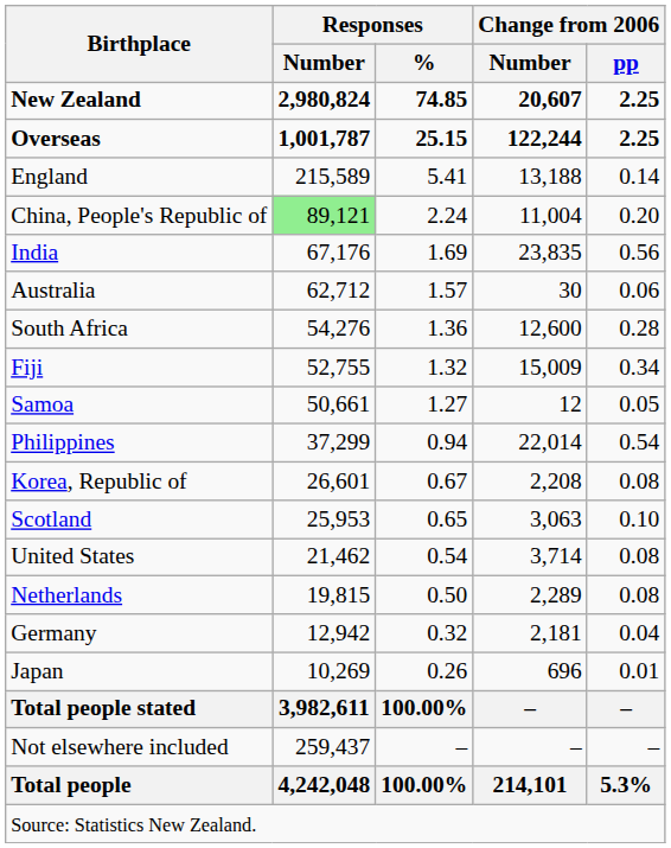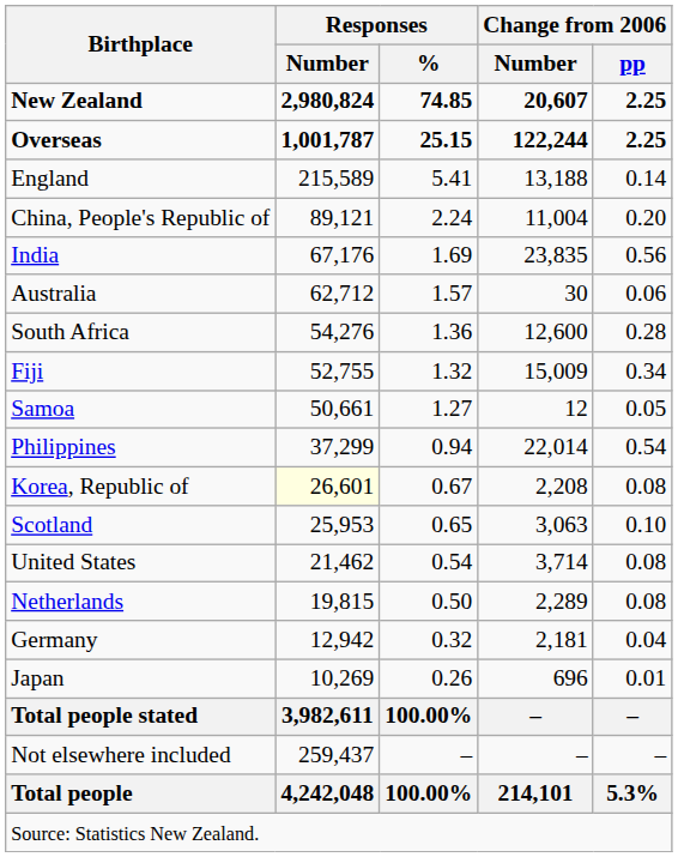 <table class="wikitable" style="text-align:right;font-size:90%;">
 <tr>
 <th rowspan=2>Birthplace</th>
 <th colspan=2>Responses</th>
 <th colspan=2>Change from 2006</th>
 </tr>
 <tr>
 <th>Number</th>
 <th>%</th>
 <th>Number</th>
 <th><a href='#'>pp</a></th>
 </tr>
 <tr>
 <td style="text-align:left;"><strong>New Zealand</strong></td>
 <td><strong>2,980,824</strong></td>
 <td><strong>74.85</strong></td>
 <td><strong> 20,607</strong></td>
 <td><strong> 2.25</strong></td>
 </tr>
 <tr>
 <td style="text-align:left;"><strong>Overseas</strong></td>
 <td><strong>1,001,787</strong></td>
 <td><strong>25.15</strong></td>
 <td><strong> 122,244</strong></td>
 <td><strong>  2.25</strong></td>
 </tr>
 <tr>
 <td style="text-align:left;">England</td>
 <td>215,589</td>
 <td>5.41</td>
 <td> 13,188</td>
 <td> 0.14</td>
 </tr>
 <tr>
 <td style="text-align:left;">China, People's Republic of</td>
-<td style="background: lightgreen;">89,121</td>
+<td>89,121</td>
 <td>2.24</td>
 <td> 11,004</td>
 <td> 0.20</td>
 </tr>
 <tr>
 <td style="text-align:left;"><a href='#'>India</a></td>
 <td>67,176</td>
 <td>1.69</td>
 <td> 23,835</td>
 <td> 0.56</td>
 </tr>
 <tr>
 <td style="text-align:left;">Australia</td>
 <td>62,712</td>
 <td>1.57</td>
 <td> 30</td>
 <td> 0.06</td>
 </tr>
 <tr>
 <td style="text-align:left;">South Africa</td>
 <td>54,276</td>
 <td>1.36</td>
 <td> 12,600</td>
 <td> 0.28</td>
 </tr>
 <tr>
 <td style="text-align:left;"><a href='#'>Fiji</a></td>
 <td>52,755</td>
 <td>1.32</td>
 <td> 15,009</td>
 <td> 0.34</td>
 </tr>
 <tr>
 <td style="text-align:left;"><a href='#'>Samoa</a></td>
 <td>50,661</td>
 <td>1.27</td>
 <td> 12</td>
 <td> 0.05</td>
 </tr>
 <tr>
 <td style="text-align:left;"><a href='#'>Philippines</a></td>
 <td>37,299</td>
 <td>0.94</td>
 <td> 22,014</td>
 <td> 0.54</td>
 </tr>
 <tr>
 <td style="text-align:left;"><a href='#'>Korea</a>, Republic of</td>
-<td>26,601</td>
+<td style="background: lightyellow;">26,601</td>
 <td>0.67</td>
 <td> 2,208</td>
 <td> 0.08</td>
 </tr>
 <tr>
 <td style="text-align:left;"><a href='#'>Scotland</a></td>
 <td>25,953</td>
 <td>0.65</td>
 <td> 3,063</td>
 <td> 0.10</td>
 </tr>
 <tr>
 <td style="text-align:left;">United States</td>
 <td>21,462</td>
 <td>0.54</td>
 <td> 3,714</td>
 <td> 0.08</td>
 </tr>
 <tr>
 <td style="text-align:left;"><a href='#'>Netherlands</a></td>
 <td>19,815</td>
 <td>0.50</td>
 <td> 2,289</td>
 <td> 0.08</td>
 </tr>
 <tr>
 <td style="text-align:left;">Germany</td>
 <td>12,942</td>
 <td>0.32</td>
 <td> 2,181</td>
 <td> 0.04</td>
 </tr>
 <tr>
 <td style="text-align:left;">Japan</td>
 <td>10,269</td>
 <td>0.26</td>
 <td> 696</td>
 <td> 0.01</td>
 </tr>
 <tr>
 <th style="text-align:left;">Total people stated</th>
 <th>3,982,611</th>
 <th>100.00%</th>
 <th>–</th>
 <th>–</th>
 </tr>
 <tr>
 <td style="text-align:left;">Not elsewhere included</td>
 <td>259,437</td>
 <td>–</td>
 <td>–</td>
 <td>–</td>
 </tr>
 <tr>
 <th style="text-align:left;">Total people</th>
 <th>4,242,048</th>
 <th>100.00%</th>
 <th>214,101</th>
 <th> 5.3%</th>
 </tr>
 <tr>
 <td colspan="5" style="text-align:left;"><small>Source: Statistics New Zealand.</small></td>
 </tr>
 </table>
